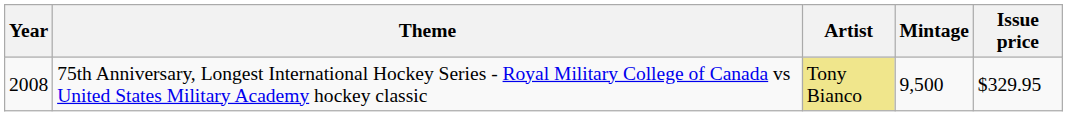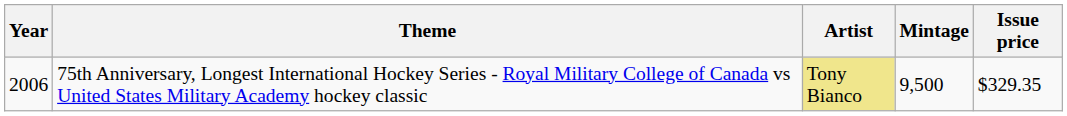 <table class="wikitable">
 <tr>
 <th>Year</th>
 <th>Theme</th>
 <th>Artist</th>
 <th>Mintage</th>
 <th>Issue price</th>
 </tr>
 <tr>
-<td>2008</td>
+<td>2006</td>
 <td>75th Anniversary, Longest International Hockey Series - <a href='#'>Royal Military College of Canada</a> vs <a href='#'>United States Military Academy</a> hockey classic </td>
 <td style="background: khaki;">Tony Bianco</td>
 <td>9,500</td>
-<td>$329.95</td>
+<td>$329.35</td>
 </tr>
 </table>
